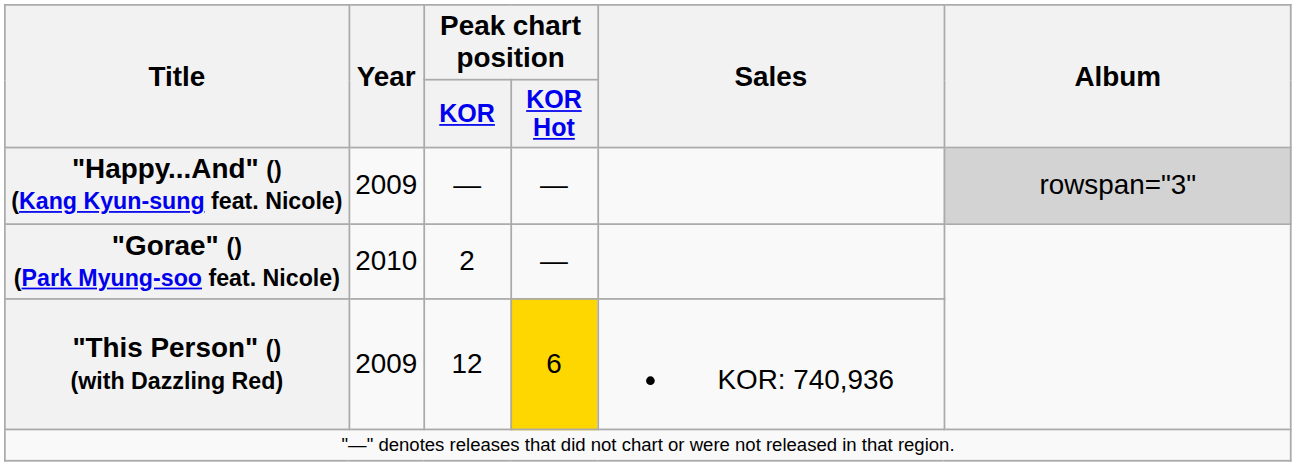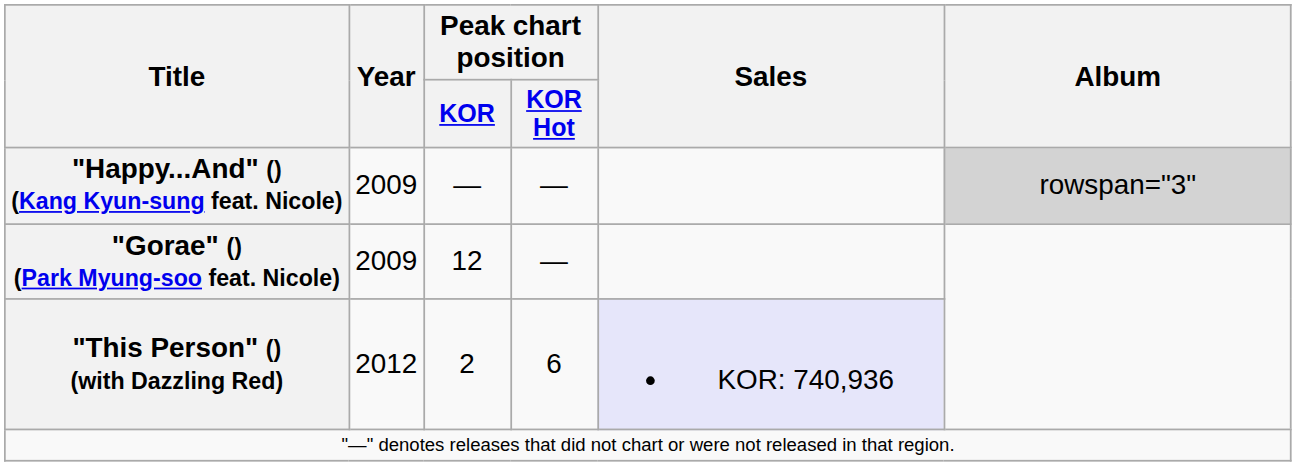 <table class="wikitable plainrowheaders" style="text-align:center;">
 <tr>
 <th scope="col" rowspan="2">Title</th>
 <th scope="col" rowspan="2" style="width:2em;">Year</th>
 <th scope="col" colspan="2">Peak chart position</th>
 <th rowspan="2" style="width:12em;">Sales</th>
 <th scope="col" rowspan="2" style="width:12em;">Album</th>
 </tr>
 <tr>
 <th scope="col" style="width:3em;font-size:90%;"><a href='#'>KOR</a><br></th>
 <th scope="col" style="width:3em;font-size:90%;"><a href='#'>KOR<br>Hot</a><br></th>
 </tr>
 <tr>
 <th scope="row">"Happy...And" <small>()</small><br><small>(<a href='#'>Kang Kyun-sung</a> feat. Nicole)</small></th>
 <td>2009</td>
 <td>—</td>
 <td>—</td>
 <td></td>
 <td style="background: lightgrey;">rowspan="3" </td>
 </tr>
 <tr>
 <th scope="row">"Gorae" <small>()</small><br><small>(<a href='#'>Park Myung-soo</a> feat. Nicole)</small></th>
-<td>2010</td>
-<td>2</td>
+<td>2009</td>
+<td>12</td>
 <td>—</td>
 <td></td>
 </tr>
 <tr>
 <th scope="row">"This Person" <small>()</small><br><small>(with Dazzling Red)</small></th>
-<td>2009</td>
-<td>12</td>
-<td style="background: gold;">6</td>
-<td><br><ul><li>KOR: 740,936</li></ul></td>
+<td>2012</td>
+<td>2</td>
+<td>6</td>
+<td style="background: lavender;"><br><ul><li>KOR: 740,936</li></ul></td>
 </tr>
 <tr>
 <td colspan="15" style="text-align:center; font-size:8pt;">"—" denotes releases that did not chart or were not released in that region.</td>
 </tr>
 </table>
